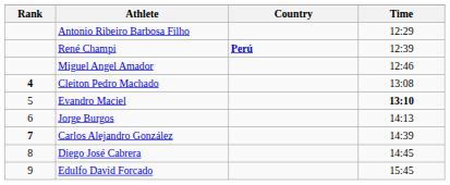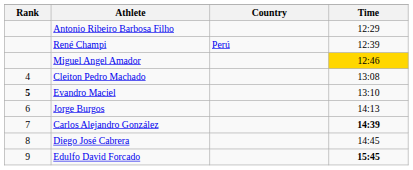 <table class="wikitable sortable" style=" text-align:center; font-size:95%;" width="50%">
 <tr>
 </tr>
 <tr>
 <th width=5%>Rank</th>
 <th width=20%>Athlete</th>
 <th width=15%>Country</th>
 <th width=10%>Time</th>
 </tr>
 <tr>
 <td align=center></td>
 <td align=left><a href='#'>Antonio Ribeiro Barbosa Filho</a></td>
 <td align=left></td>
 <td>12:29</td>
 </tr>
 <tr>
 <td align=center></td>
 <td align=left><a href='#'>René Champi</a></td>
-<td align=left><strong> <a href='#'>Perú</a></strong></td>
+<td align=left> <a href='#'>Perú</a></td>
 <td>12:39</td>
 </tr>
 <tr>
 <td align=center></td>
 <td align=left><a href='#'>Miguel Angel Amador</a></td>
 <td align=left></td>
-<td>12:46</td>
+<td style="background: gold;">12:46</td>
 </tr>
 <tr>
-<td align=center><strong>4</strong></td>
+<td align=center>4</td>
 <td align=left><a href='#'>Cleiton Pedro Machado</a></td>
 <td align=left></td>
 <td>13:08</td>
 </tr>
 <tr>
-<td align=center>5</td>
+<td align=center><strong>5</strong></td>
 <td align=left><a href='#'>Evandro Maciel</a></td>
 <td align=left></td>
-<td><strong>13:10</strong></td>
+<td>13:10</td>
 </tr>
 <tr>
 <td align=center>6</td>
 <td align=left><a href='#'>Jorge Burgos</a></td>
 <td align=left></td>
 <td>14:13</td>
 </tr>
 <tr>
-<td align=center><strong>7</strong></td>
+<td align=center>7</td>
 <td align=left><a href='#'>Carlos Alejandro González</a></td>
 <td align=left></td>
-<td>14:39</td>
+<td><strong>14:39</strong></td>
 </tr>
 <tr>
 <td align=center>8</td>
 <td align=left><a href='#'>Diego José Cabrera</a></td>
 <td align=left></td>
 <td>14:45</td>
 </tr>
 <tr>
 <td align=center>9</td>
 <td align=left><a href='#'>Edulfo David Forcado</a></td>
 <td align=left></td>
-<td>15:45</td>
+<td><strong>15:45</strong></td>
 </tr>
 </table>
